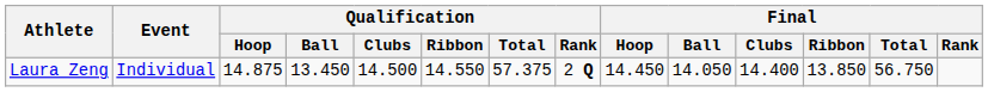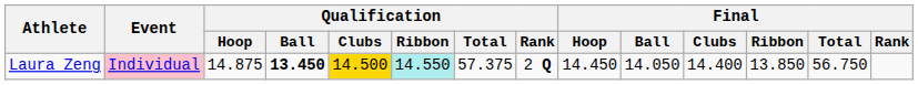 <table class=wikitable style="font-size:90%">
 <tr>
 <th rowspan=2>Athlete</th>
 <th rowspan=2>Event</th>
 <th colspan=6>Qualification</th>
 <th colspan=6>Final</th>
 </tr>
 <tr style="font-size:95%">
 <th>Hoop</th>
 <th>Ball</th>
 <th>Clubs</th>
 <th>Ribbon</th>
 <th>Total</th>
 <th>Rank</th>
 <th>Hoop</th>
 <th>Ball</th>
 <th>Clubs</th>
 <th>Ribbon</th>
 <th>Total</th>
 <th>Rank</th>
 </tr>
 <tr align=center>
 <td align=left><a href='#'>Laura Zeng</a></td>
-<td align=left><a href='#'>Individual</a></td>
+<td align=left style="background: pink;"><a href='#'>Individual</a></td>
 <td>14.875</td>
-<td>13.450</td>
-<td>14.500</td>
-<td>14.550</td>
+<td><strong>13.450</strong></td>
+<td style="background: gold;">14.500</td>
+<td style="background: paleturquoise;">14.550</td>
 <td>57.375</td>
 <td>2 <strong>Q</strong></td>
 <td>14.450</td>
 <td>14.050</td>
 <td>14.400</td>
 <td>13.850</td>
 <td>56.750</td>
 <td></td>
 </tr>
 </table>
